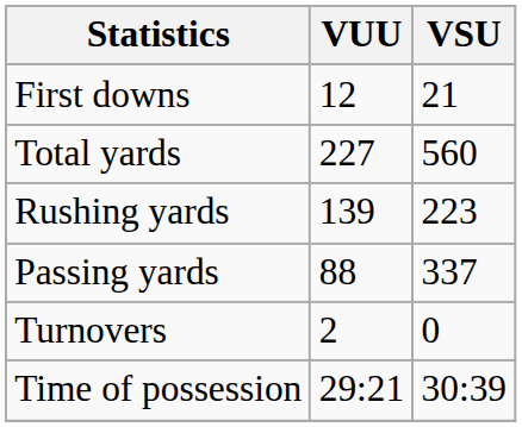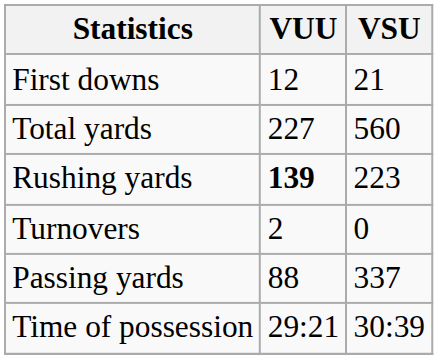 <table class="wikitable">
 <tr>
 <th>Statistics</th>
 <th>VUU</th>
 <th>VSU</th>
 </tr>
 <tr>
 <td>First downs</td>
 <td>12</td>
 <td>21</td>
 </tr>
 <tr>
 <td>Total yards</td>
 <td>227</td>
 <td>560</td>
 </tr>
 <tr>
 <td>Rushing yards</td>
-<td>139</td>
+<td><strong>139</strong></td>
 <td>223</td>
+</tr>
+<tr>
+<td>Turnovers</td>
+<td>2</td>
+<td>0</td>
 </tr>
 <tr>
 <td>Passing yards</td>
 <td>88</td>
 <td>337</td>
-</tr>
-<tr>
-<td>Turnovers</td>
-<td>2</td>
-<td>0</td>
 </tr>
 <tr>
 <td>Time of possession</td>
 <td>29:21</td>
 <td>30:39</td>
 </tr>
 <tr>
 </tr>
 </table>
